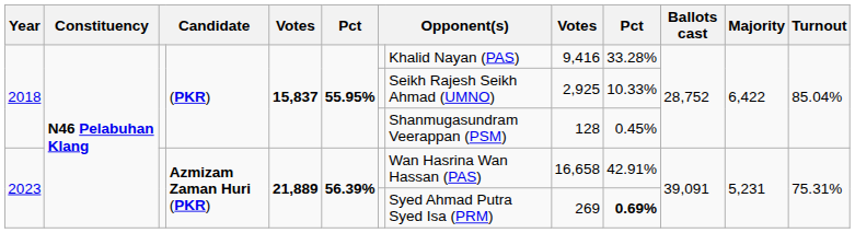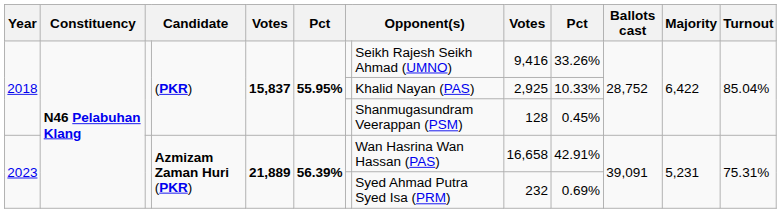 <table class="wikitable" style="margin:0.5em ; font-size:95%">
 <tr>
 <th>Year</th>
 <th>Constituency</th>
 <th colspan=2>Candidate</th>
 <th>Votes</th>
 <th>Pct</th>
 <th colspan=2>Opponent(s)</th>
 <th>Votes</th>
 <th>Pct</th>
 <th>Ballots cast</th>
 <th>Majority</th>
 <th>Turnout</th>
 </tr>
 <tr>
 <td rowspan=3><a href='#'>2018</a></td>
 <td rowspan=5><strong>N46 <a href='#'>Pelabuhan Klang</a></strong></td>
 <td rowspan=3 ></td>
 <td rowspan=3> (<a href='#'><strong>PKR</strong></a>)</td>
 <td rowspan=3 align="right"><strong>15,837</strong></td>
 <td rowspan=3><strong>55.95%</strong></td>
 <td></td>
-<td>Khalid Nayan (<a href='#'>PAS</a>)</td>
+<td>Seikh Rajesh Seikh Ahmad (<a href='#'>UMNO</a>)</td>
 <td align="right">9,416</td>
-<td>33.28%</td>
+<td>33.26%</td>
 <td rowspan=3>28,752</td>
 <td rowspan=3>6,422</td>
 <td rowspan=3>85.04%</td>
 </tr>
 <tr>
 <td></td>
-<td>Seikh Rajesh Seikh Ahmad (<a href='#'>UMNO</a>)</td>
+<td>Khalid Nayan (<a href='#'>PAS</a>)</td>
 <td align="right">2,925</td>
 <td>10.33%</td>
 </tr>
 <tr>
 <td bgcolor=></td>
 <td>Shanmugasundram Veerappan (<a href='#'>PSM</a>)</td>
 <td align="right">128</td>
 <td align="right">0.45%</td>
 </tr>
 <tr>
 <td rowspan=2><a href='#'>2023</a></td>
 <td rowspan=2 ></td>
 <td rowspan=2><strong>Azmizam Zaman Huri</strong> (<a href='#'><strong>PKR</strong></a>)</td>
 <td rowspan=2 align="right"><strong>21,889</strong></td>
 <td rowspan=2><strong>56.39%</strong></td>
 <td></td>
 <td>Wan Hasrina Wan Hassan (<a href='#'>PAS</a>)</td>
 <td align="right">16,658</td>
 <td>42.91%</td>
 <td rowspan=2>39,091</td>
 <td rowspan=2>5,231</td>
 <td rowspan=2>75.31%</td>
 </tr>
 <tr>
 <td bgcolor=></td>
 <td>Syed Ahmad Putra Syed Isa (<a href='#'>PRM</a>)</td>
-<td align="right">269</td>
-<td align="right"><strong>0.69%</strong></td>
+<td align="right">232</td>
+<td align="right">0.69%</td>
 </tr>
 </table>
